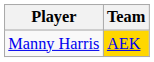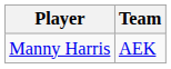 <table class="wikitable">
 <tr>
 <th>Player</th>
 <th>Team</th>
 </tr>
 <tr>
 <td> <a href='#'>Manny Harris</a></td>
-<td style="background: gold;"><a href='#'>AEK</a></td>
+<td><a href='#'>AEK</a></td>
 </tr>
 </table>
